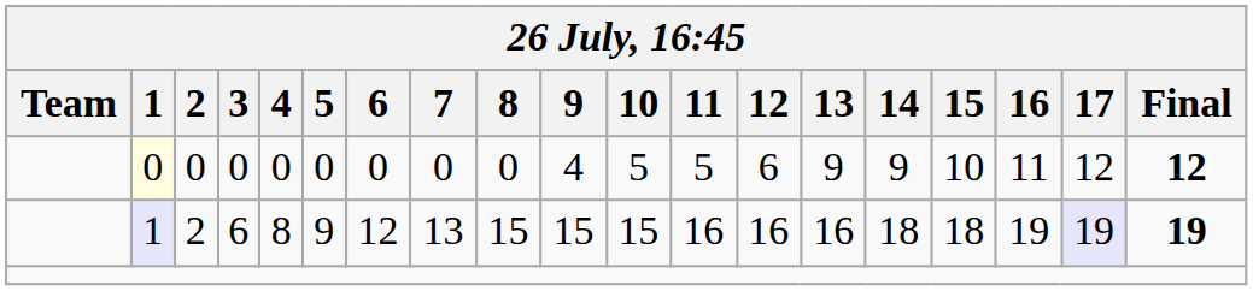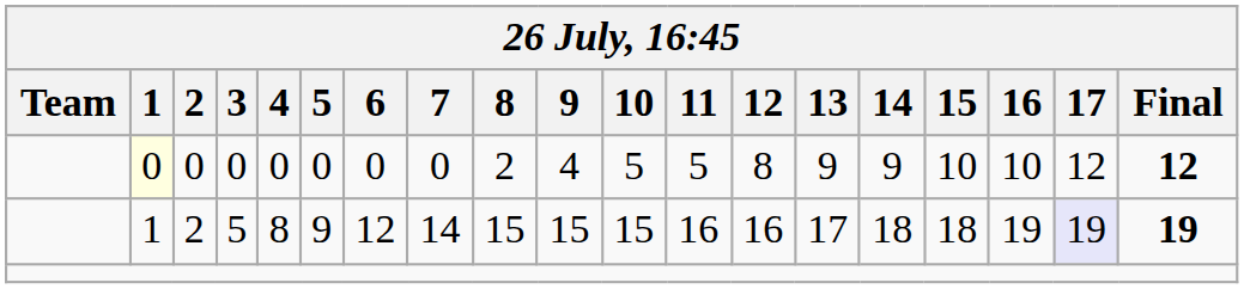 <table class=wikitable style="text-align:center; width: 55%">
 <tr>
 <th colspan=20><em>26 July, 16:45</em></th>
 </tr>
 <tr>
 <th>Team</th>
 <th>1</th>
 <th>2</th>
 <th>3</th>
 <th>4</th>
 <th>5</th>
 <th>6</th>
 <th>7</th>
 <th>8</th>
 <th>9</th>
 <th>10</th>
 <th>11</th>
 <th>12</th>
 <th>13</th>
 <th>14</th>
 <th>15</th>
 <th>16</th>
 <th>17</th>
 <th>Final</th>
 </tr>
 <tr>
 <td align=left></td>
 <td style="background: lightyellow;">0</td>
 <td>0</td>
 <td>0</td>
 <td>0</td>
 <td>0</td>
 <td>0</td>
 <td>0</td>
-<td>0</td>
+<td>2</td>
 <td>4</td>
 <td>5</td>
 <td>5</td>
-<td>6</td>
+<td>8</td>
 <td>9</td>
 <td>9</td>
 <td>10</td>
-<td>11</td>
+<td>10</td>
 <td>12</td>
 <td><strong>12</strong></td>
 </tr>
 <tr>
 <td align=left><strong></strong></td>
-<td style="background: lavender;">1</td>
+<td>1</td>
 <td>2</td>
-<td>6</td>
+<td>5</td>
 <td>8</td>
 <td>9</td>
 <td>12</td>
-<td>13</td>
+<td>14</td>
 <td>15</td>
 <td>15</td>
 <td>15</td>
 <td>16</td>
 <td>16</td>
-<td>16</td>
+<td>17</td>
 <td>18</td>
 <td>18</td>
 <td>19</td>
 <td style="background: lavender;">19</td>
 <td><strong>19</strong></td>
 </tr>
 <tr>
 <td colspan=20></td>
 </tr>
 </table>
